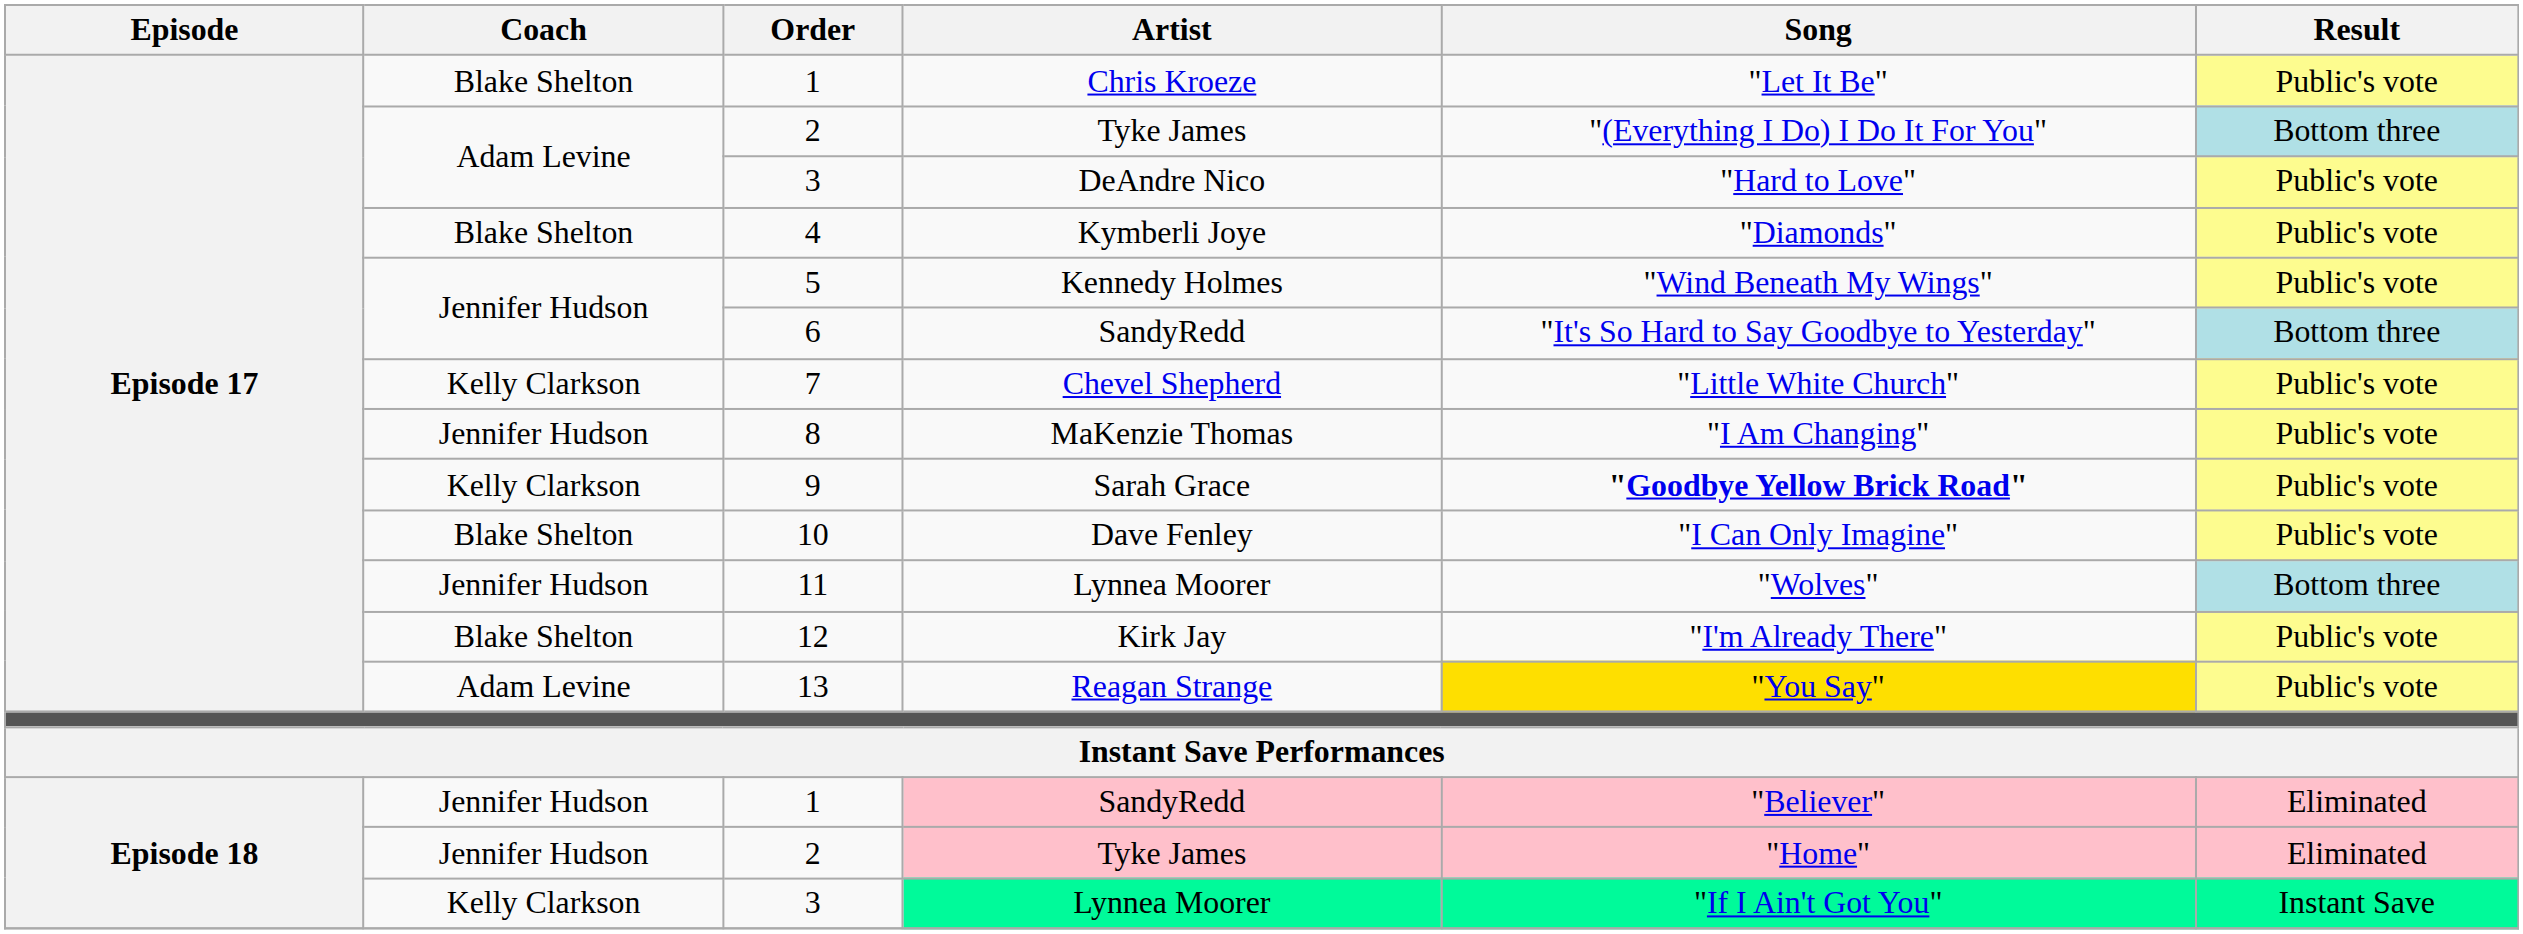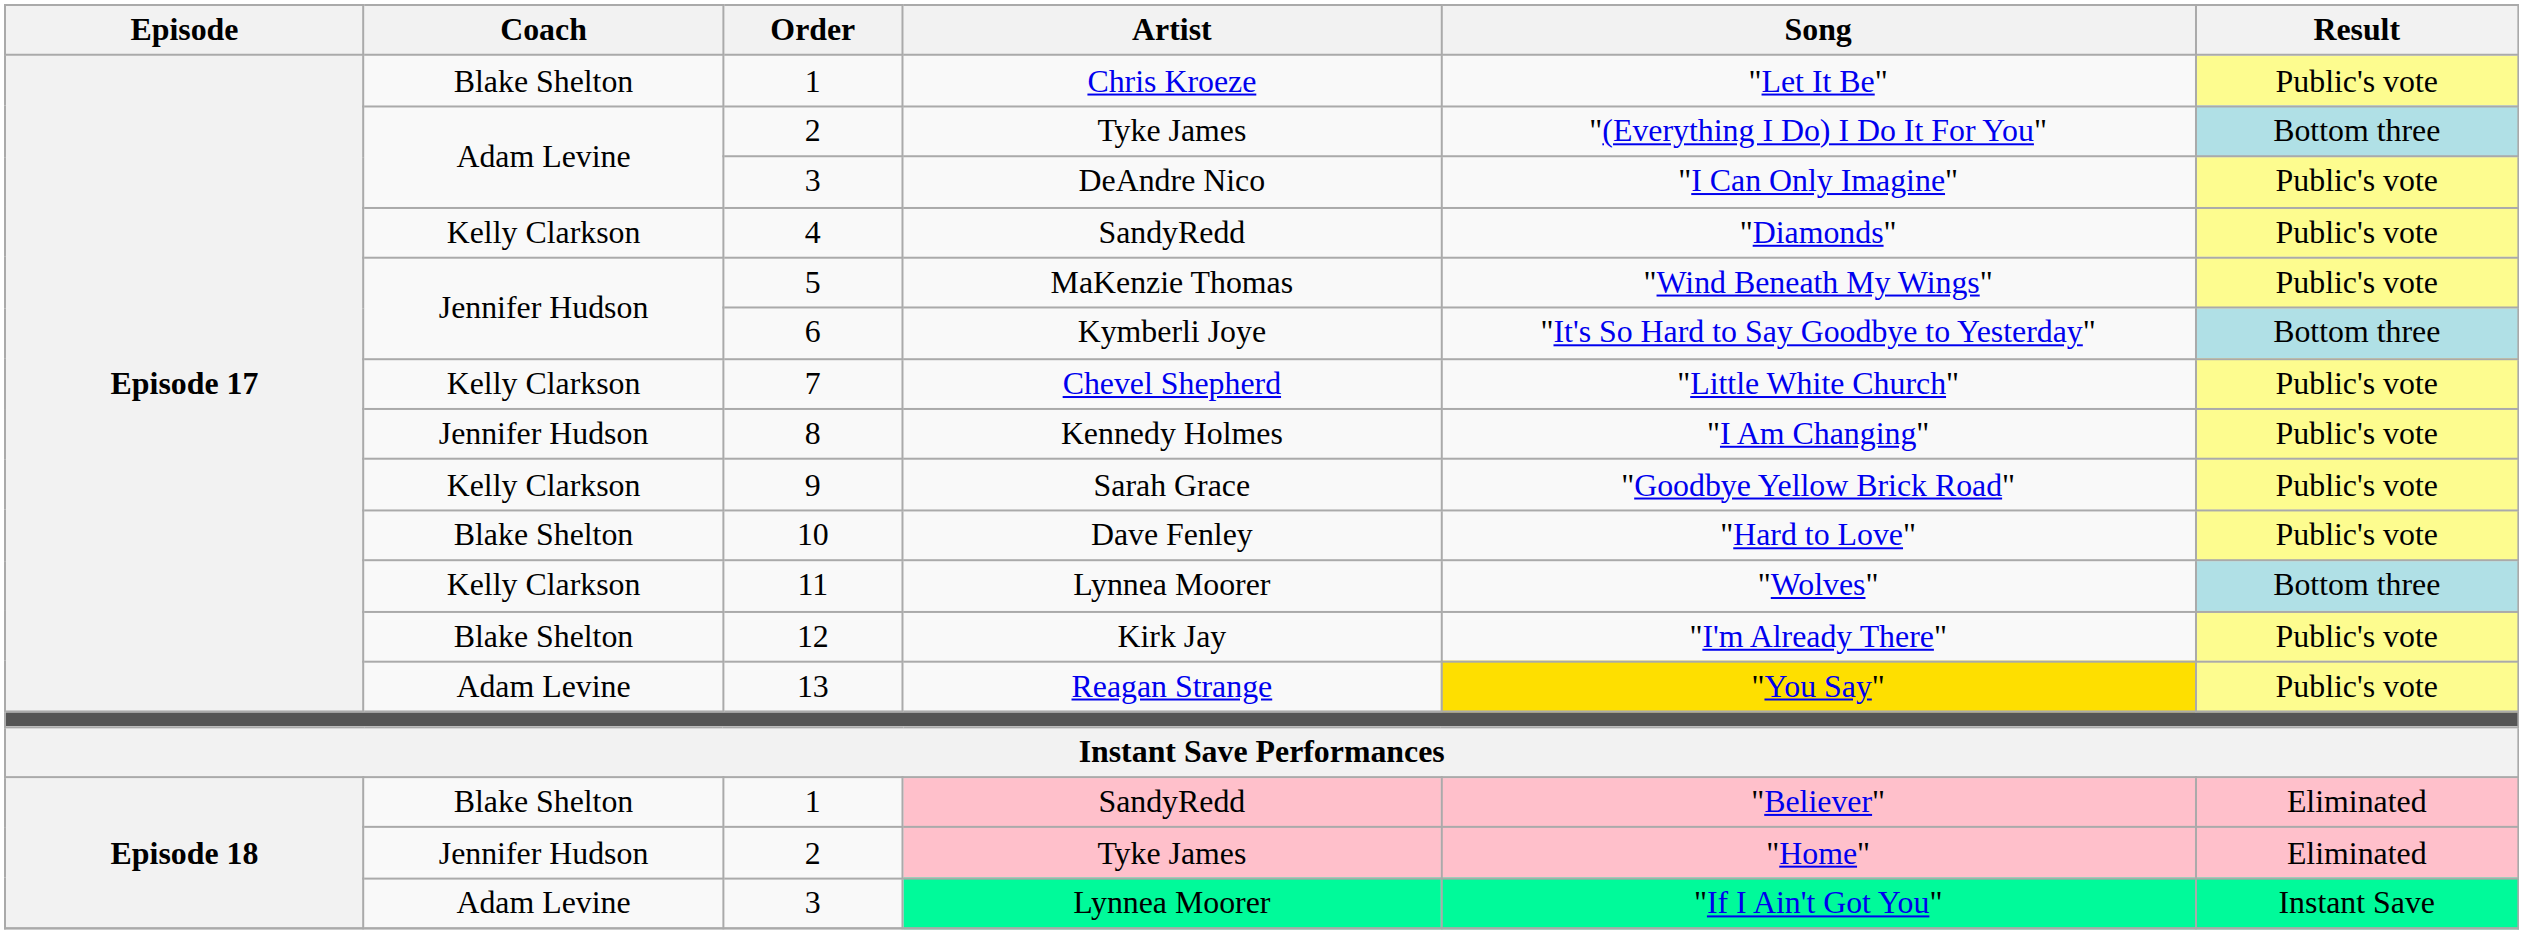 <table class="wikitable" style="text-align:center; width:100%;">
 <tr>
 <th style="width:10%;">Episode</th>
 <th style="width:10%;">Coach</th>
 <th style="width:05%;">Order</th>
 <th style="width:15%;">Artist</th>
 <th style="width:21%;">Song</th>
 <th style="width:9%;">Result</th>
 </tr>
 <tr>
 <th rowspan="13" scope="row">Episode 17<br><small></small></th>
 <td>Blake Shelton</td>
 <td>1</td>
 <td><a href='#'>Chris Kroeze</a></td>
 <td>"<a href='#'>Let It Be</a>"</td>
 <td style="background:#fdfc8f;">Public's vote</td>
 </tr>
 <tr>
 <td rowspan="2">Adam Levine</td>
 <td>2</td>
 <td>Tyke James</td>
 <td>"<a href='#'>(Everything I Do) I Do It For You</a>"</td>
 <td style="background:#b0e0e6;">Bottom three</td>
 </tr>
 <tr>
 <td>3</td>
 <td>DeAndre Nico</td>
-<td>"<a href='#'>Hard to Love</a>"</td>
+<td>"<a href='#'>I Can Only Imagine</a>"</td>
 <td style="background:#fdfc8f;">Public's vote</td>
 </tr>
 <tr>
-<td>Blake Shelton</td>
+<td>Kelly Clarkson</td>
 <td>4</td>
-<td>Kymberli Joye</td>
+<td>SandyRedd</td>
 <td>"<a href='#'>Diamonds</a>"</td>
 <td style="background:#fdfc8f;">Public's vote</td>
 </tr>
 <tr>
 <td rowspan=2>Jennifer Hudson</td>
 <td>5</td>
-<td>Kennedy Holmes</td>
+<td>MaKenzie Thomas</td>
 <td>"<a href='#'>Wind Beneath My Wings</a>"</td>
 <td style="background:#fdfc8f;">Public's vote</td>
 </tr>
 <tr>
 <td>6</td>
-<td>SandyRedd</td>
+<td>Kymberli Joye</td>
 <td>"<a href='#'>It's So Hard to Say Goodbye to Yesterday</a>"</td>
 <td style="background:#b0e0e6;">Bottom three</td>
 </tr>
 <tr>
 <td>Kelly Clarkson</td>
 <td>7</td>
 <td><a href='#'>Chevel Shepherd</a></td>
 <td>"<a href='#'>Little White Church</a>"</td>
 <td style="background:#fdfc8f;">Public's vote</td>
 </tr>
 <tr>
 <td>Jennifer Hudson</td>
 <td>8</td>
-<td>MaKenzie Thomas</td>
+<td>Kennedy Holmes</td>
 <td>"<a href='#'>I Am Changing</a>"</td>
 <td style="background:#fdfc8f;">Public's vote</td>
 </tr>
 <tr>
 <td>Kelly Clarkson</td>
 <td>9</td>
 <td>Sarah Grace</td>
-<td><strong>"<a href='#'>Goodbye Yellow Brick Road</a>"</strong></td>
+<td>"<a href='#'>Goodbye Yellow Brick Road</a>"</td>
 <td style="background:#fdfc8f;">Public's vote</td>
 </tr>
 <tr>
 <td>Blake Shelton</td>
 <td>10</td>
 <td>Dave Fenley</td>
-<td>"<a href='#'>I Can Only Imagine</a>"</td>
+<td>"<a href='#'>Hard to Love</a>"</td>
 <td style="background:#fdfc8f;">Public's vote</td>
 </tr>
 <tr>
-<td>Jennifer Hudson</td>
+<td>Kelly Clarkson</td>
 <td>11</td>
 <td>Lynnea Moorer</td>
 <td>"<a href='#'>Wolves</a>"</td>
 <td style="background:#b0e0e6;">Bottom three</td>
 </tr>
 <tr>
 <td>Blake Shelton</td>
 <td>12</td>
 <td>Kirk Jay</td>
 <td>"<a href='#'>I'm Already There</a>"</td>
 <td style="background:#fdfc8f;">Public's vote</td>
 </tr>
 <tr>
 <td>Adam Levine</td>
 <td>13</td>
 <td><a href='#'>Reagan Strange</a></td>
 <td style="background:#fedf00;">"<a href='#'>You Say</a>"</td>
 <td style="background:#fdfc8f;">Public's vote</td>
 </tr>
 <tr>
 <td colspan="6" bgcolor=#555></td>
 </tr>
 <tr>
 <th colspan="6">Instant Save Performances</th>
 </tr>
 <tr>
 <th rowspan=3>Episode 18<br><small></small></th>
-<td>Jennifer Hudson</td>
+<td>Blake Shelton</td>
 <td>1</td>
 <td style="background:pink;">SandyRedd</td>
 <td style="background:pink;">"<a href='#'>Believer</a>"</td>
 <td style="background:pink;">Eliminated</td>
 </tr>
 <tr>
 <td>Jennifer Hudson</td>
 <td>2</td>
 <td style="background:pink;">Tyke James</td>
 <td style="background:pink;">"<a href='#'>Home</a>"</td>
 <td style="background:pink;">Eliminated</td>
 </tr>
 <tr>
-<td>Kelly Clarkson</td>
+<td>Adam Levine</td>
 <td>3</td>
 <td style="background:#00fa9a;">Lynnea Moorer</td>
 <td style="background:#00fa9a;">"<a href='#'>If I Ain't Got You</a>"</td>
 <td style="background:#00fa9a;">Instant Save</td>
 </tr>
 <tr>
 </tr>
 </table>
